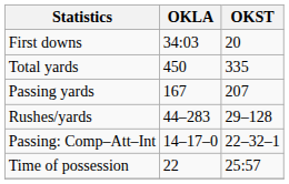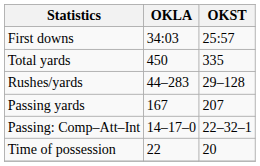 <table class="wikitable" style="float: left;">
 <tr>
 <th>Statistics</th>
 <th>OKLA</th>
 <th>OKST</th>
 </tr>
 <tr>
 <td>First downs</td>
 <td>34:03</td>
-<td>20</td>
+<td>25:57</td>
 </tr>
 <tr>
 <td>Total yards</td>
 <td>450</td>
 <td>335</td>
 </tr>
 <tr>
+<td>Rushes/yards</td>
+<td>44–283</td>
+<td>29–128</td>
+</tr>
+<tr>
 <td>Passing yards</td>
 <td>167</td>
 <td>207</td>
-</tr>
-<tr>
-<td>Rushes/yards</td>
-<td>44–283</td>
-<td>29–128</td>
 </tr>
 <tr>
 <td>Passing: Comp–Att–Int</td>
 <td>14–17–0</td>
 <td>22–32–1</td>
 </tr>
 <tr>
 <td>Time of possession</td>
 <td>22</td>
-<td>25:57</td>
+<td>20</td>
 </tr>
 <tr>
 </tr>
 </table>
